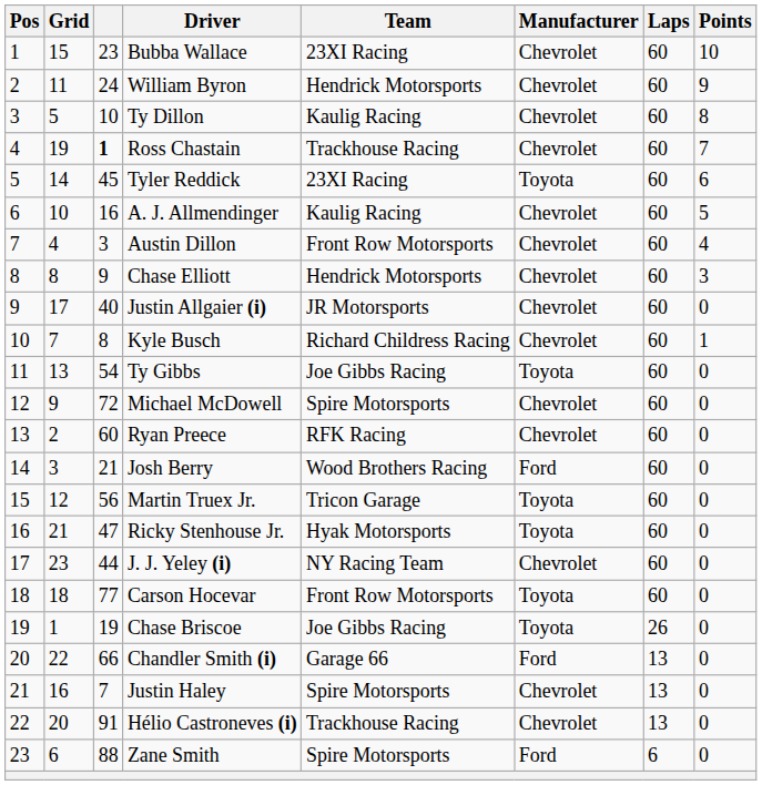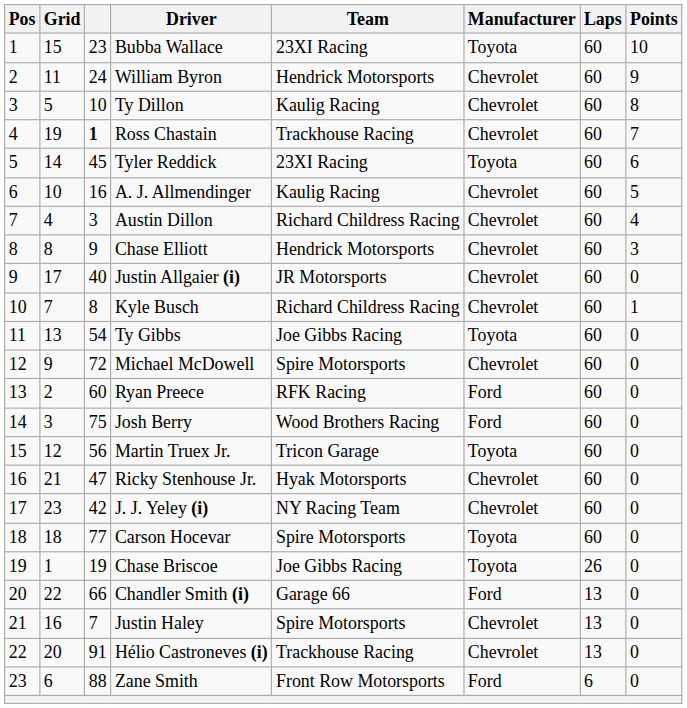 <table class="wikitable" style="font-size:98%">
 <tr>
 <th>Pos</th>
 <th>Grid</th>
 <th></th>
 <th>Driver</th>
 <th>Team</th>
 <th>Manufacturer</th>
 <th>Laps</th>
 <th>Points</th>
 </tr>
 <tr>
 <td>1</td>
 <td>15</td>
 <td>23</td>
 <td>Bubba Wallace</td>
 <td>23XI Racing</td>
-<td>Chevrolet</td>
+<td>Toyota</td>
 <td>60</td>
 <td>10</td>
 </tr>
 <tr>
 <td>2</td>
 <td>11</td>
 <td>24</td>
 <td>William Byron</td>
 <td>Hendrick Motorsports</td>
 <td>Chevrolet</td>
 <td>60</td>
 <td>9</td>
 </tr>
 <tr>
 <td>3</td>
 <td>5</td>
 <td>10</td>
 <td>Ty Dillon</td>
 <td>Kaulig Racing</td>
 <td>Chevrolet</td>
 <td>60</td>
 <td>8</td>
 </tr>
 <tr>
 <td>4</td>
 <td>19</td>
 <td><strong>1</strong></td>
 <td>Ross Chastain</td>
 <td>Trackhouse Racing</td>
 <td>Chevrolet</td>
 <td>60</td>
 <td>7</td>
 </tr>
 <tr>
 <td>5</td>
 <td>14</td>
 <td>45</td>
 <td>Tyler Reddick</td>
 <td>23XI Racing</td>
 <td>Toyota</td>
 <td>60</td>
 <td>6</td>
 </tr>
 <tr>
 <td>6</td>
 <td>10</td>
 <td>16</td>
 <td>A. J. Allmendinger</td>
 <td>Kaulig Racing</td>
 <td>Chevrolet</td>
 <td>60</td>
 <td>5</td>
 </tr>
 <tr>
 <td>7</td>
 <td>4</td>
 <td>3</td>
 <td>Austin Dillon</td>
-<td>Front Row Motorsports</td>
+<td>Richard Childress Racing</td>
 <td>Chevrolet</td>
 <td>60</td>
 <td>4</td>
 </tr>
 <tr>
 <td>8</td>
 <td>8</td>
 <td>9</td>
 <td>Chase Elliott</td>
 <td>Hendrick Motorsports</td>
 <td>Chevrolet</td>
 <td>60</td>
 <td>3</td>
 </tr>
 <tr>
 <td>9</td>
 <td>17</td>
 <td>40</td>
 <td>Justin Allgaier <strong>(i)</strong></td>
 <td>JR Motorsports</td>
 <td>Chevrolet</td>
 <td>60</td>
 <td>0</td>
 </tr>
 <tr>
 <td>10</td>
 <td>7</td>
 <td>8</td>
 <td>Kyle Busch</td>
 <td>Richard Childress Racing</td>
 <td>Chevrolet</td>
 <td>60</td>
 <td>1</td>
 </tr>
 <tr>
 <td>11</td>
 <td>13</td>
 <td>54</td>
 <td>Ty Gibbs</td>
 <td>Joe Gibbs Racing</td>
 <td>Toyota</td>
 <td>60</td>
 <td>0</td>
 </tr>
 <tr>
 <td>12</td>
 <td>9</td>
 <td>72</td>
 <td>Michael McDowell</td>
 <td>Spire Motorsports</td>
 <td>Chevrolet</td>
 <td>60</td>
 <td>0</td>
 </tr>
 <tr>
 <td>13</td>
 <td>2</td>
 <td>60</td>
 <td>Ryan Preece</td>
 <td>RFK Racing</td>
-<td>Chevrolet</td>
+<td>Ford</td>
 <td>60</td>
 <td>0</td>
 </tr>
 <tr>
 <td>14</td>
 <td>3</td>
-<td>21</td>
+<td>75</td>
 <td>Josh Berry</td>
 <td>Wood Brothers Racing</td>
 <td>Ford</td>
 <td>60</td>
 <td>0</td>
 </tr>
 <tr>
 <td>15</td>
 <td>12</td>
 <td>56</td>
 <td>Martin Truex Jr.</td>
 <td>Tricon Garage</td>
 <td>Toyota</td>
 <td>60</td>
 <td>0</td>
 </tr>
 <tr>
 <td>16</td>
 <td>21</td>
 <td>47</td>
 <td>Ricky Stenhouse Jr.</td>
 <td>Hyak Motorsports</td>
-<td>Toyota</td>
+<td>Chevrolet</td>
 <td>60</td>
 <td>0</td>
 </tr>
 <tr>
 <td>17</td>
 <td>23</td>
-<td>44</td>
+<td>42</td>
 <td>J. J. Yeley <strong>(i)</strong></td>
 <td>NY Racing Team</td>
 <td>Chevrolet</td>
 <td>60</td>
 <td>0</td>
 </tr>
 <tr>
 <td>18</td>
 <td>18</td>
 <td>77</td>
 <td>Carson Hocevar</td>
-<td>Front Row Motorsports</td>
+<td>Spire Motorsports</td>
 <td>Toyota</td>
 <td>60</td>
 <td>0</td>
 </tr>
 <tr>
 <td>19</td>
 <td>1</td>
 <td>19</td>
 <td>Chase Briscoe</td>
 <td>Joe Gibbs Racing</td>
 <td>Toyota</td>
 <td>26</td>
 <td>0</td>
 </tr>
 <tr>
 <td>20</td>
 <td>22</td>
 <td>66</td>
 <td>Chandler Smith <strong>(i)</strong></td>
 <td>Garage 66</td>
 <td>Ford</td>
 <td>13</td>
 <td>0</td>
 </tr>
 <tr>
 <td>21</td>
 <td>16</td>
 <td>7</td>
 <td>Justin Haley</td>
 <td>Spire Motorsports</td>
 <td>Chevrolet</td>
 <td>13</td>
 <td>0</td>
 </tr>
 <tr>
 <td>22</td>
 <td>20</td>
 <td>91</td>
 <td>Hélio Castroneves <strong>(i)</strong></td>
 <td>Trackhouse Racing</td>
 <td>Chevrolet</td>
 <td>13</td>
 <td>0</td>
 </tr>
 <tr>
 <td>23</td>
 <td>6</td>
 <td>88</td>
 <td>Zane Smith</td>
-<td>Spire Motorsports</td>
+<td>Front Row Motorsports</td>
 <td>Ford</td>
 <td>6</td>
 <td>0</td>
 </tr>
 <tr>
 <th colspan="8"></th>
 </tr>
 </table>
